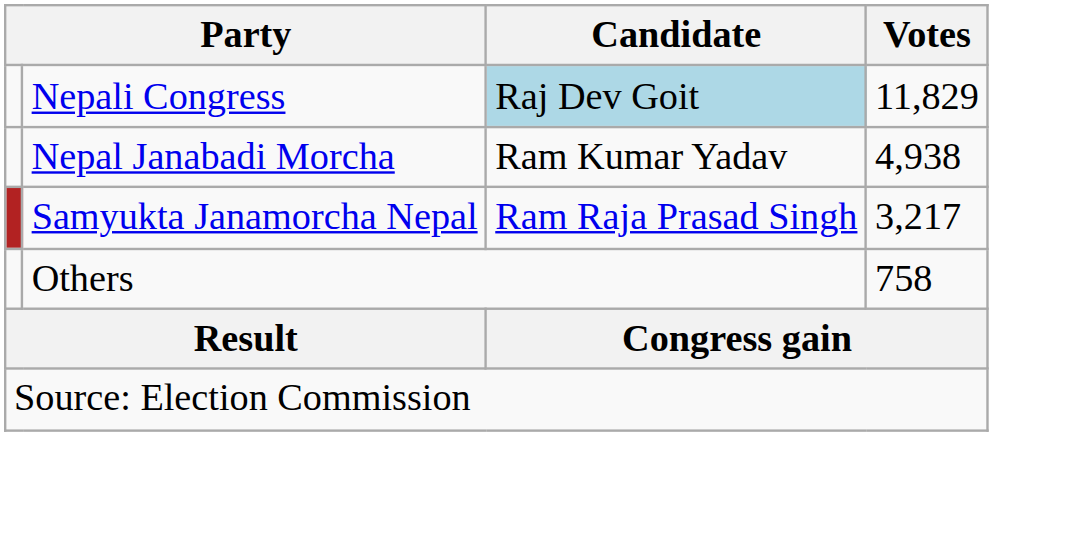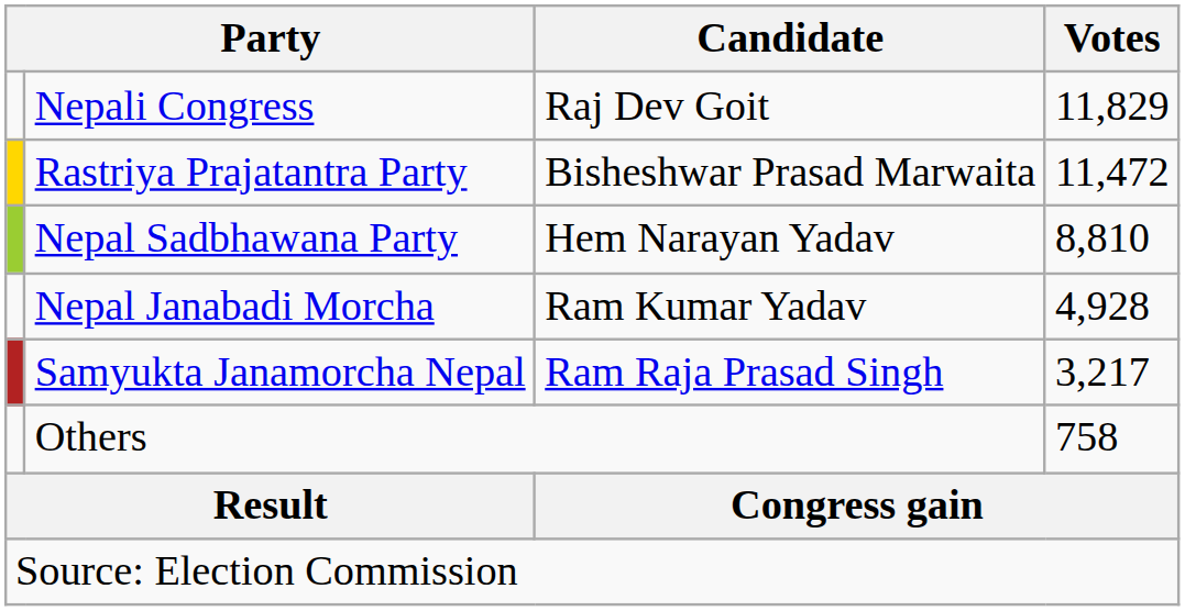 <table class="wikitable">
 <tr>
 <th colspan="2">Party</th>
 <th>Candidate</th>
 <th>Votes</th>
 </tr>
 <tr>
 <td style="background-color:"></td>
 <td><a href='#'>Nepali Congress</a></td>
-<td style="background: lightblue;">Raj Dev Goit</td>
+<td>Raj Dev Goit</td>
 <td>11,829</td>
+</tr>
+<tr>
+<td style="background-color:gold"></td>
+<td><a href='#'>Rastriya Prajatantra Party</a></td>
+<td>Bisheshwar Prasad Marwaita</td>
+<td>11,472</td>
+</tr>
+<tr>
+<td style="background-color:yellowgreen"></td>
+<td><a href='#'>Nepal Sadbhawana Party</a></td>
+<td>Hem Narayan Yadav</td>
+<td>8,810</td>
 </tr>
 <tr>
 <td></td>
 <td><a href='#'>Nepal Janabadi Morcha</a></td>
 <td>Ram Kumar Yadav</td>
-<td>4,938</td>
+<td>4,928</td>
 </tr>
 <tr>
 <td style="background-color:firebrick"></td>
 <td><a href='#'>Samyukta Janamorcha Nepal</a></td>
 <td><a href='#'>Ram Raja Prasad Singh</a></td>
 <td>3,217</td>
 </tr>
 <tr>
 <td></td>
 <td colspan="2">Others</td>
 <td>758</td>
 </tr>
 <tr>
 <th colspan="2">Result</th>
 <th colspan="2">Congress gain</th>
 </tr>
 <tr>
 <td colspan="4">Source: Election Commission</td>
 </tr>
 </table>
